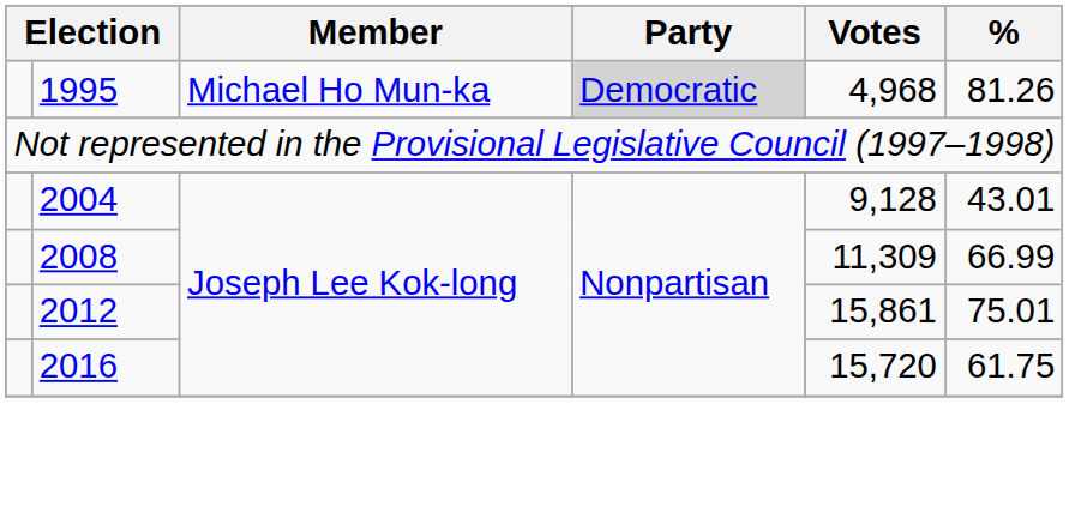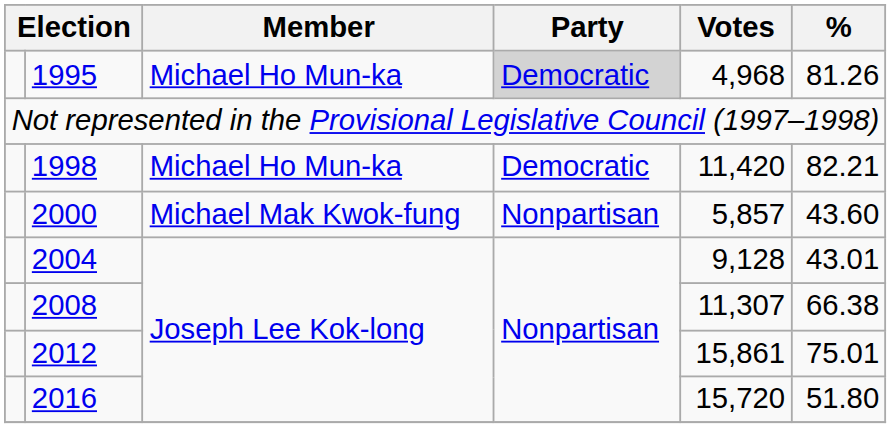 <table class="wikitable">
 <tr>
 <th colspan="2">Election</th>
 <th>Member</th>
 <th>Party</th>
 <th>Votes</th>
 <th>%</th>
 </tr>
 <tr>
 <td style="background-color: "></td>
 <td><a href='#'>1995</a></td>
 <td><a href='#'>Michael Ho Mun-ka</a></td>
 <td style="background: lightgrey;"><a href='#'>Democratic</a></td>
 <td align=right>4,968</td>
 <td align=right>81.26</td>
 </tr>
 <tr>
 <td colspan=6><em>Not represented in the <a href='#'>Provisional Legislative Council</a> (1997–1998)</em></td>
 </tr>
 <tr>
 <td style="background-color: "></td>
+<td><a href='#'>1998</a></td>
+<td><a href='#'>Michael Ho Mun-ka</a></td>
+<td><a href='#'>Democratic</a></td>
+<td align=right>11,420</td>
+<td align=right>82.21</td>
+</tr>
+<tr>
+<td style="background-color: "></td>
+<td><a href='#'>2000</a></td>
+<td><a href='#'>Michael Mak Kwok-fung</a></td>
+<td><a href='#'>Nonpartisan</a></td>
+<td align=right>5,857</td>
+<td align=right>43.60</td>
+</tr>
+<tr>
+<td style="background-color: "></td>
 <td><a href='#'>2004</a></td>
 <td rowspan=4><a href='#'>Joseph Lee Kok-long</a></td>
 <td rowspan=4><a href='#'>Nonpartisan</a></td>
 <td align=right>9,128</td>
 <td align=right>43.01</td>
 </tr>
 <tr>
 <td style="background-color: "></td>
 <td><a href='#'>2008</a></td>
-<td align=right>11,309</td>
-<td align=right>66.99</td>
+<td align=right>11,307</td>
+<td align=right>66.38</td>
 </tr>
 <tr>
 <td style="background-color: "></td>
 <td><a href='#'>2012</a></td>
 <td align=right>15,861</td>
 <td align=right>75.01</td>
 </tr>
 <tr>
 <td style="background-color: "></td>
 <td><a href='#'>2016</a></td>
 <td align=right>15,720</td>
-<td align=right>61.75</td>
+<td align=right>51.80</td>
 </tr>
 <tr>
 </tr>
 </table>
